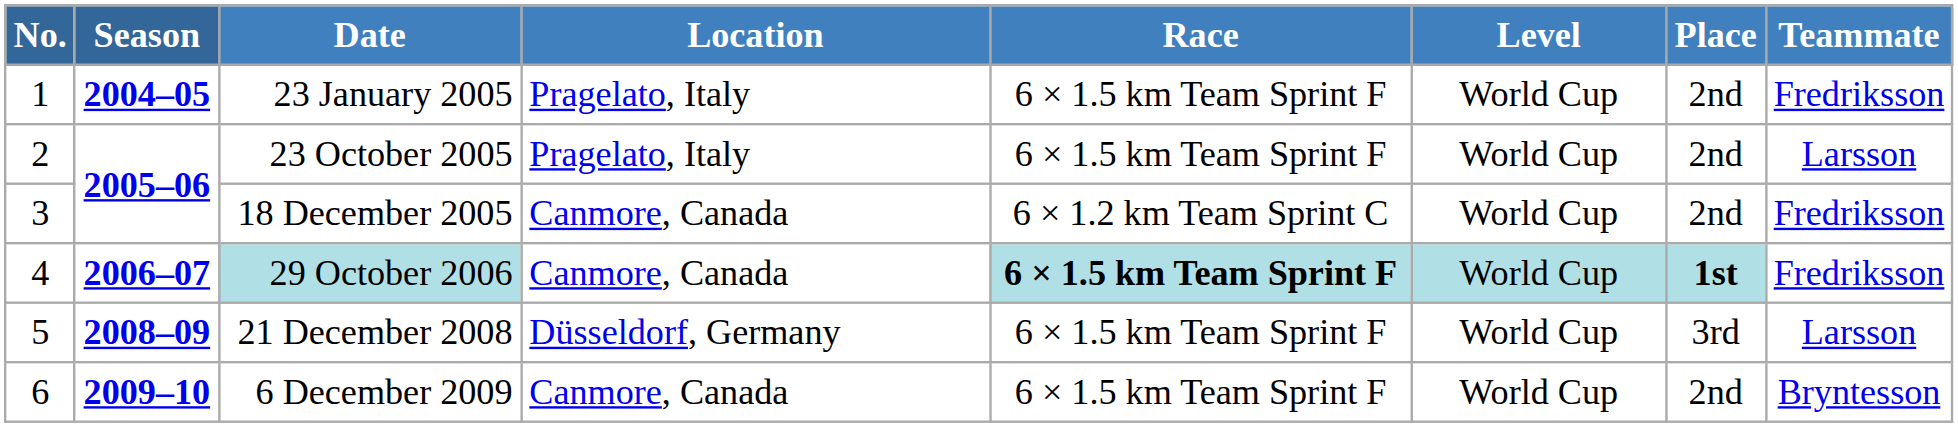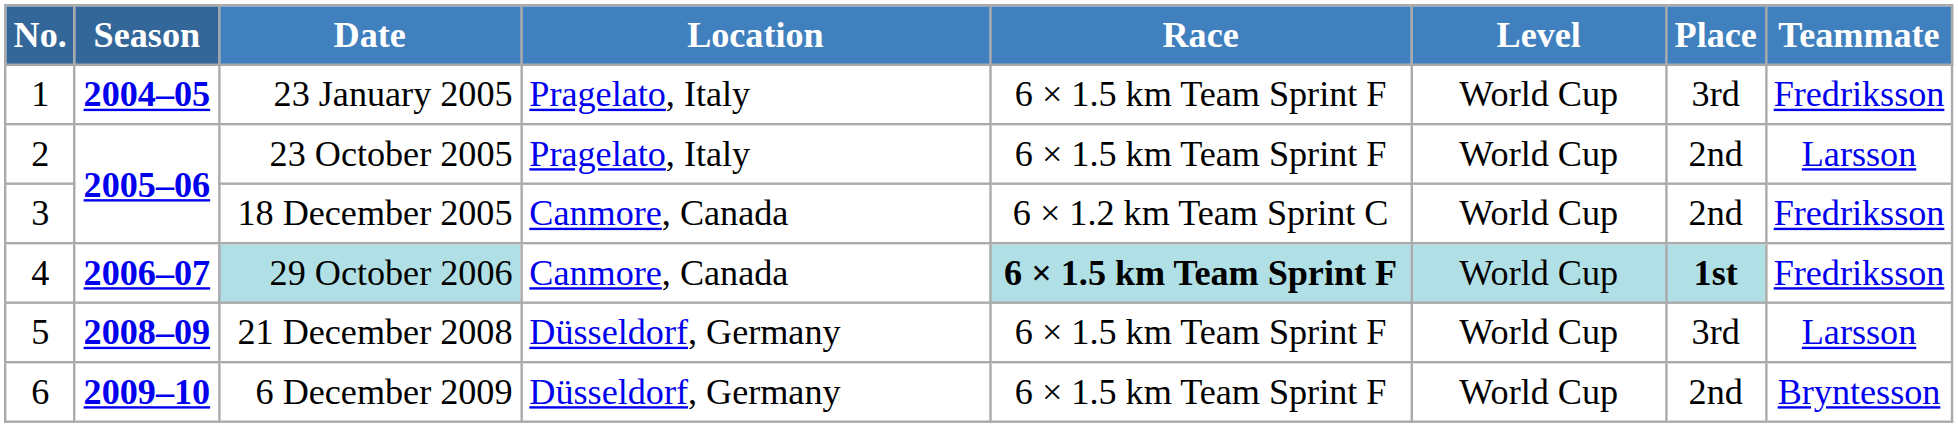 <table class="wikitable sortable" style="font-size:95%; text-align:center; border:grey solid 1px; border-collapse:collapse; background:#ffffff;">
 <tr style="background:#efefef;">
 <th style="background-color:#369; color:white;">No.</th>
 <th style="background-color:#369; color:white;">Season</th>
 <th style="background-color:#4180be; color:white; width:120px;">Date</th>
 <th style="background-color:#4180be; color:white; width:190px;">Location</th>
 <th style="background-color:#4180be; color:white; width:170px;">Race</th>
 <th style="background-color:#4180be; color:white; width:100px;">Level</th>
 <th style="background-color:#4180be; color:white;">Place</th>
 <th style="background-color:#4180be; color:white;">Teammate</th>
 </tr>
 <tr>
 <td align=center>1</td>
 <td rowspan=1 align=center><strong><a href='#'>2004–05</a></strong></td>
 <td align=right>23 January 2005</td>
 <td align=left> <a href='#'>Pragelato</a>, Italy</td>
 <td>6 × 1.5 km Team Sprint F</td>
 <td>World Cup</td>
-<td>2nd</td>
+<td>3rd</td>
 <td><a href='#'>Fredriksson</a></td>
 </tr>
 <tr>
 <td align=center>2</td>
 <td rowspan=2 align=center><strong><a href='#'>2005–06</a></strong></td>
 <td align=right>23 October 2005</td>
 <td align=left> <a href='#'>Pragelato</a>, Italy</td>
 <td>6 × 1.5 km Team Sprint F</td>
 <td>World Cup</td>
 <td>2nd</td>
 <td><a href='#'>Larsson</a></td>
 </tr>
 <tr>
 <td align=center>3</td>
 <td align=right>18 December 2005</td>
 <td align=left> <a href='#'>Canmore</a>, Canada</td>
 <td>6 × 1.2 km Team Sprint C</td>
 <td>World Cup</td>
 <td>2nd</td>
 <td><a href='#'>Fredriksson</a></td>
 </tr>
 <tr>
 <td align=center>4</td>
 <td rowspan=1 align=center><strong><a href='#'>2006–07</a></strong></td>
 <td bgcolor="#BOEOE6" align=right>29 October 2006</td>
 <td align=left> <a href='#'>Canmore</a>, Canada</td>
 <td bgcolor="#BOEOE6"><strong>6 × 1.5 km Team Sprint F</strong></td>
 <td bgcolor="#BOEOE6">World Cup</td>
 <td bgcolor="#BOEOE6"><strong>1st</strong></td>
 <td><a href='#'>Fredriksson</a></td>
 </tr>
 <tr>
 <td align=center>5</td>
 <td rowspan=1 align=center><strong><a href='#'>2008–09</a></strong></td>
 <td align=right>21 December 2008</td>
 <td align=left> <a href='#'>Düsseldorf</a>, Germany</td>
 <td>6 × 1.5 km Team Sprint F</td>
 <td>World Cup</td>
 <td>3rd</td>
 <td><a href='#'>Larsson</a></td>
 </tr>
 <tr>
 <td align=center>6</td>
 <td rowspan=1 align=center><strong><a href='#'>2009–10</a></strong></td>
 <td align=right>6 December 2009</td>
-<td align=left> <a href='#'>Canmore</a>, Canada</td>
+<td align=left> <a href='#'>Düsseldorf</a>, Germany</td>
 <td>6 × 1.5 km Team Sprint F</td>
 <td>World Cup</td>
 <td>2nd</td>
 <td><a href='#'>Bryntesson</a></td>
 </tr>
 </table>
